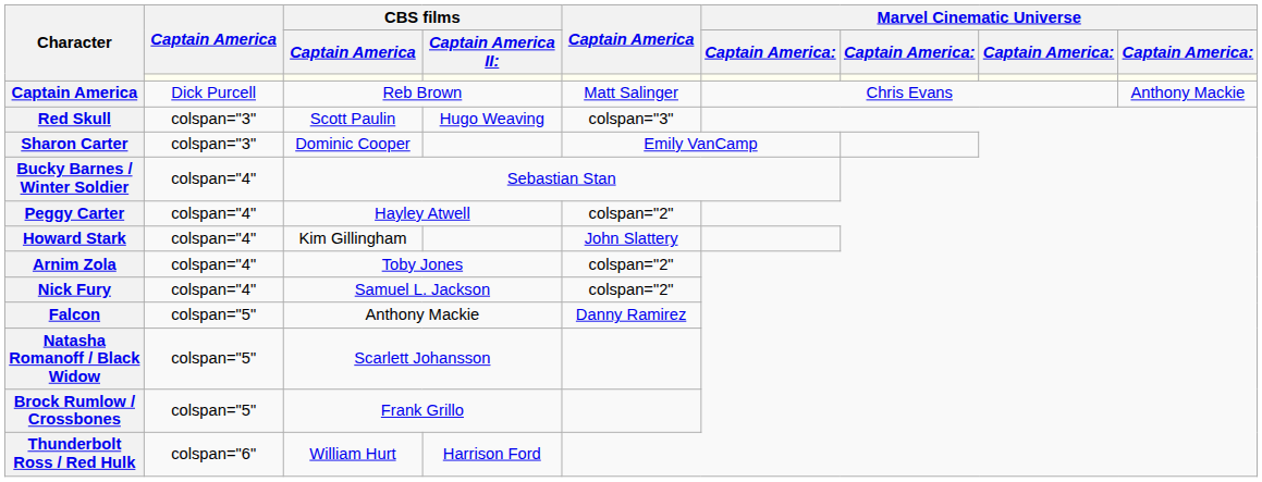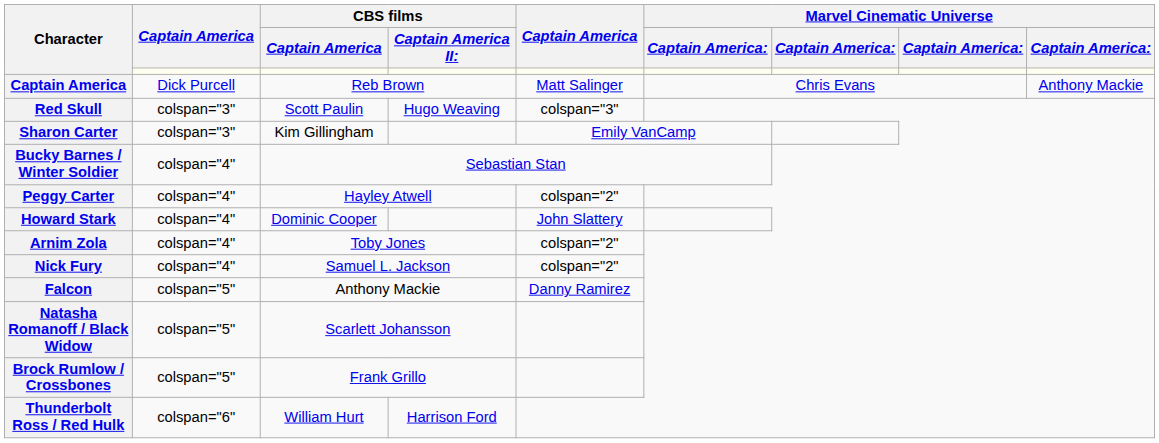 <table class="wikitable" style="text-align:center; width:99%;">
 <tr>
 <th width="10%" rowspan="3">Character</th>
 <th width="10%" rowspan="2"><em><a href='#'>Captain America</a></em></th>
 <th colspan="2">CBS films</th>
 <th width="10%" rowspan="2"><em><a href='#'>Captain America</a></em></th>
 <th colspan="4"><a href='#'>Marvel Cinematic Universe</a></th>
 </tr>
 <tr>
 <th width="10%"><em><a href='#'>Captain America</a></em></th>
 <th width="10%"><em><a href='#'>Captain America II:<br></a></em></th>
 <th width="10%"><em><a href='#'>Captain America:<br></a></em></th>
 <th width="10%"><em><a href='#'>Captain America:<br></a></em></th>
 <th width="10%"><em><a href='#'>Captain America:<br></a></em></th>
 <th width="10%"><em><a href='#'>Captain America:<br></a></em></th>
 </tr>
 <tr>
 <td style="background:ivory;"></td>
 <td style="background:ivory;"></td>
 <td style="background:ivory;"></td>
 <td style="background:ivory;"></td>
 <td style="background:ivory;"></td>
 <td style="background:ivory;"></td>
 <td style="background:ivory;"></td>
 <td style="background:ivory;"></td>
 </tr>
 <tr>
 <th><a href='#'>Captain America</a></th>
 <td><a href='#'>Dick Purcell</a><br></td>
 <td colspan="2"><a href='#'>Reb Brown</a><br></td>
 <td><a href='#'>Matt Salinger</a><br></td>
 <td colspan="3"><a href='#'>Chris Evans</a><br></td>
 <td><a href='#'>Anthony Mackie</a><br></td>
 </tr>
 <tr>
 <th><a href='#'>Red Skull</a></th>
 <td>colspan="3" </td>
 <td><a href='#'>Scott Paulin</a></td>
 <td><a href='#'>Hugo Weaving</a></td>
 <td>colspan="3" </td>
 </tr>
 <tr>
 <th><a href='#'>Sharon Carter</a></th>
 <td>colspan="3" </td>
-<td><a href='#'>Dominic Cooper</a></td>
+<td>Kim Gillingham</td>
 <td></td>
 <td colspan="2"><a href='#'>Emily VanCamp</a></td>
 <td></td>
 </tr>
 <tr>
 <th><a href='#'>Bucky Barnes / Winter Soldier</a></th>
 <td>colspan="4" </td>
 <td colspan="4"><a href='#'>Sebastian Stan</a></td>
 </tr>
 <tr>
 <th><a href='#'>Peggy Carter</a></th>
 <td>colspan="4" </td>
 <td colspan="2"><a href='#'>Hayley Atwell</a></td>
 <td>colspan="2" </td>
 </tr>
 <tr>
 <th><a href='#'>Howard Stark</a></th>
 <td>colspan="4" </td>
-<td>Kim Gillingham</td>
+<td><a href='#'>Dominic Cooper</a></td>
 <td></td>
 <td><a href='#'>John Slattery</a></td>
 <td></td>
 </tr>
 <tr>
 <th><a href='#'>Arnim Zola</a></th>
 <td>colspan="4" </td>
 <td colspan="2"><a href='#'>Toby Jones</a></td>
 <td>colspan="2" </td>
 </tr>
 <tr>
 <th><a href='#'>Nick Fury</a></th>
 <td>colspan="4" </td>
 <td colspan="2"><a href='#'>Samuel L. Jackson</a></td>
 <td>colspan="2" </td>
 </tr>
 <tr>
 <th><a href='#'>Falcon</a></th>
 <td>colspan="5" </td>
 <td colspan="2">Anthony Mackie <br></td>
 <td><a href='#'>Danny Ramirez</a><br></td>
 </tr>
 <tr>
 <th><a href='#'>Natasha Romanoff / Black Widow</a></th>
 <td>colspan="5" </td>
 <td colspan="2"><a href='#'>Scarlett Johansson</a></td>
 <td></td>
 </tr>
 <tr>
 <th><a href='#'>Brock Rumlow / Crossbones</a></th>
 <td>colspan="5" </td>
 <td colspan="2"><a href='#'>Frank Grillo</a></td>
 <td></td>
 </tr>
 <tr>
 <th><a href='#'>Thunderbolt Ross / Red Hulk</a></th>
 <td>colspan="6" </td>
 <td><a href='#'>William Hurt</a></td>
 <td><a href='#'>Harrison Ford</a></td>
 </tr>
 </table>
